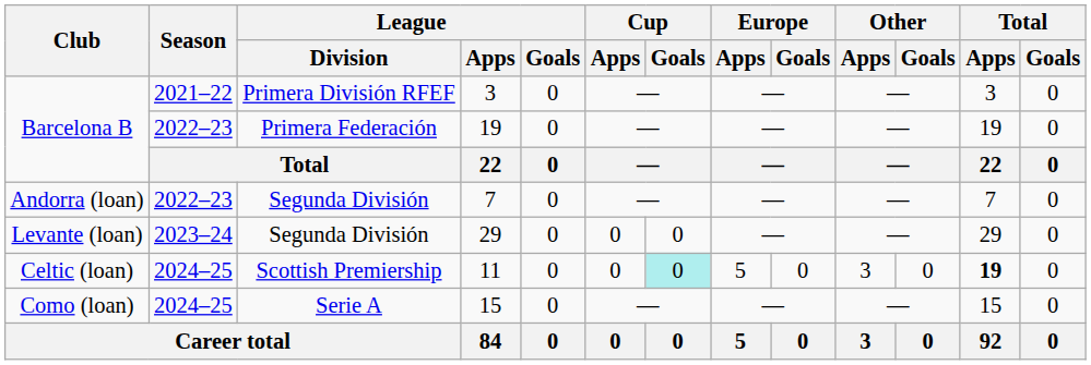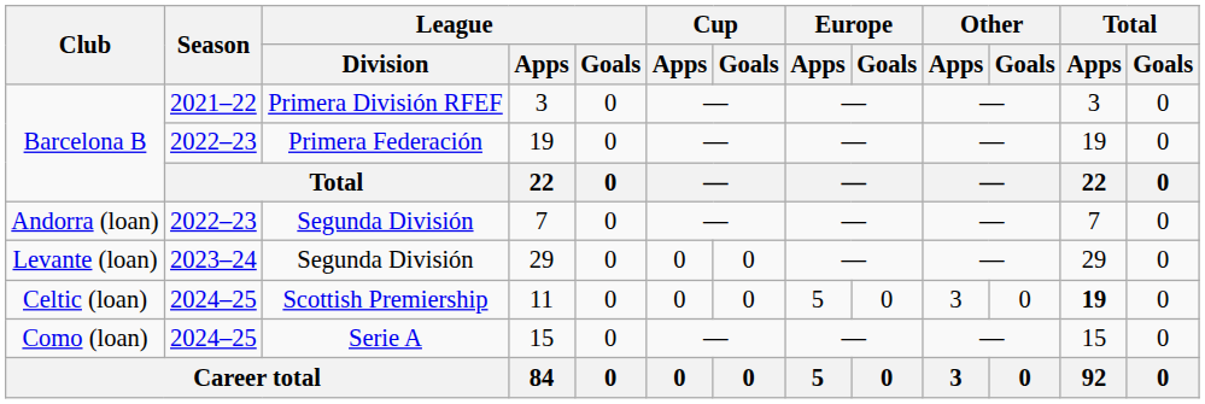 <table class="wikitable" style="text-align: center">
 <tr>
 <th rowspan="2">Club</th>
 <th rowspan="2">Season</th>
 <th colspan="3">League</th>
 <th colspan="2">Cup</th>
 <th colspan="2">Europe</th>
 <th colspan="2">Other</th>
 <th colspan="2">Total</th>
 </tr>
 <tr>
 <th>Division</th>
 <th>Apps</th>
 <th>Goals</th>
 <th>Apps</th>
 <th>Goals</th>
 <th>Apps</th>
 <th>Goals</th>
 <th>Apps</th>
 <th>Goals</th>
 <th>Apps</th>
 <th>Goals</th>
 </tr>
 <tr>
 <td rowspan="3"><a href='#'>Barcelona B</a></td>
 <td><a href='#'>2021–22</a></td>
 <td><a href='#'>Primera División RFEF</a></td>
 <td>3</td>
 <td>0</td>
 <td colspan="2">—</td>
 <td colspan="2">—</td>
 <td colspan="2">—</td>
 <td>3</td>
 <td>0</td>
 </tr>
 <tr>
 <td><a href='#'>2022–23</a></td>
 <td><a href='#'>Primera Federación</a></td>
 <td>19</td>
 <td>0</td>
 <td colspan="2">—</td>
 <td colspan="2">—</td>
 <td colspan="2">—</td>
 <td>19</td>
 <td>0</td>
 </tr>
 <tr>
 <th colspan="2">Total</th>
 <th>22</th>
 <th>0</th>
 <th colspan="2">—</th>
 <th colspan="2">—</th>
 <th colspan="2">—</th>
 <th>22</th>
 <th>0</th>
 </tr>
 <tr>
 <td><a href='#'>Andorra</a> (loan)</td>
 <td><a href='#'>2022–23</a></td>
 <td><a href='#'>Segunda División</a></td>
 <td>7</td>
 <td>0</td>
 <td colspan="2">—</td>
 <td colspan="2">—</td>
 <td colspan="2">—</td>
 <td>7</td>
 <td>0</td>
 </tr>
 <tr>
 <td><a href='#'>Levante</a> (loan)</td>
 <td><a href='#'>2023–24</a></td>
 <td>Segunda División</td>
 <td>29</td>
 <td>0</td>
 <td>0</td>
 <td>0</td>
 <td colspan="2">—</td>
 <td colspan="2">—</td>
 <td>29</td>
 <td>0</td>
 </tr>
 <tr>
 <td><a href='#'>Celtic</a> (loan)</td>
 <td><a href='#'>2024–25</a></td>
 <td><a href='#'>Scottish Premiership</a></td>
 <td>11</td>
 <td>0</td>
 <td>0</td>
-<td style="background: paleturquoise;">0</td>
+<td>0</td>
 <td>5</td>
 <td>0</td>
 <td>3</td>
 <td>0</td>
 <td><strong>19</strong></td>
 <td>0</td>
 </tr>
 <tr>
 <td><a href='#'>Como</a> (loan)</td>
 <td><a href='#'>2024–25</a></td>
 <td><a href='#'>Serie A</a></td>
 <td>15</td>
 <td>0</td>
 <td colspan="2">—</td>
 <td colspan="2">—</td>
 <td colspan="2">—</td>
 <td>15</td>
 <td>0</td>
 </tr>
 <tr>
 <th colspan="3">Career total</th>
 <th>84</th>
 <th>0</th>
 <th>0</th>
 <th>0</th>
 <th>5</th>
 <th>0</th>
 <th>3</th>
 <th>0</th>
 <th>92</th>
 <th>0</th>
 </tr>
 </table>
